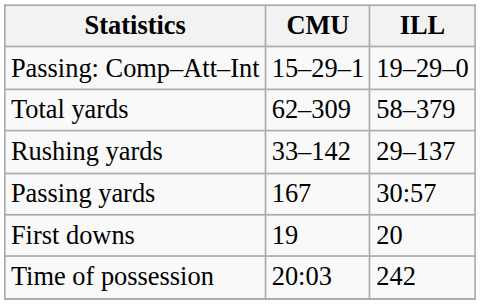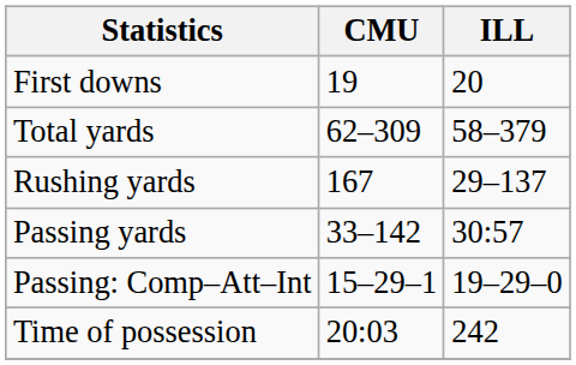 <table class="wikitable" style="float: left;">
 <tr>
 <th>Statistics</th>
 <th>CMU</th>
 <th>ILL</th>
 </tr>
 <tr>
-<td>Passing: Comp–Att–Int</td>
-<td>15–29–1</td>
-<td>19–29–0</td>
+<td>First downs</td>
+<td>19</td>
+<td>20</td>
 </tr>
 <tr>
 <td>Total yards</td>
 <td>62–309</td>
 <td>58–379</td>
 </tr>
 <tr>
 <td>Rushing yards</td>
-<td>33–142</td>
+<td>167</td>
 <td>29–137</td>
 </tr>
 <tr>
 <td>Passing yards</td>
-<td>167</td>
+<td>33–142</td>
 <td>30:57</td>
 </tr>
 <tr>
-<td>First downs</td>
-<td>19</td>
-<td>20</td>
+<td>Passing: Comp–Att–Int</td>
+<td>15–29–1</td>
+<td>19–29–0</td>
 </tr>
 <tr>
 <td>Time of possession</td>
 <td>20:03</td>
 <td>242</td>
 </tr>
 <tr>
 </tr>
 </table>
